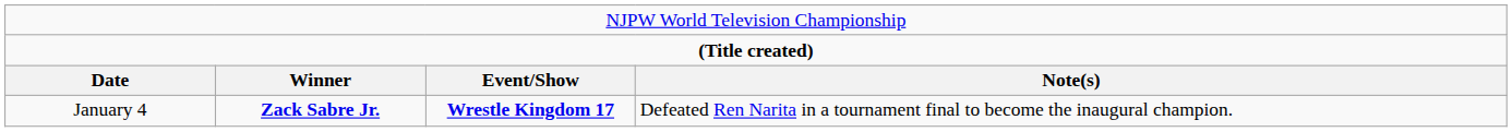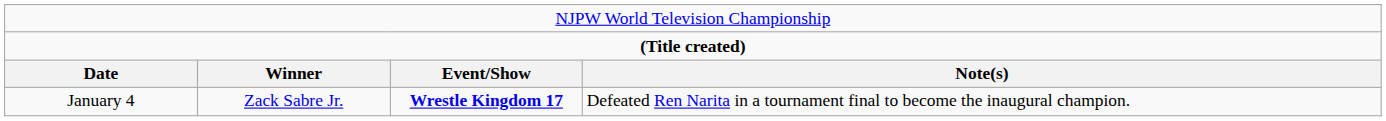 <table class="wikitable" style="text-align:center; width:100%;">
 <tr>
 <td colspan="5" style="text-align: center;"><a href='#'>NJPW World Television Championship</a></td>
 </tr>
 <tr>
 <td colspan="5" style="text-align: center;"><strong>(Title created)</strong></td>
 </tr>
 <tr>
 <th width=14%>Date</th>
 <th width=14%>Winner</th>
 <th width=14%>Event/Show</th>
 <th width=58%>Note(s)</th>
 </tr>
 <tr>
 <td>January 4</td>
-<td><strong><a href='#'>Zack Sabre Jr.</a></strong></td>
+<td><a href='#'>Zack Sabre Jr.</a></td>
 <td><strong><a href='#'>Wrestle Kingdom 17</a><br></strong></td>
 <td align=left>Defeated <a href='#'>Ren Narita</a> in a tournament final to become the inaugural champion.</td>
 </tr>
 </table>
